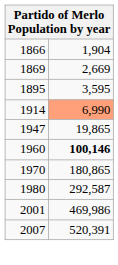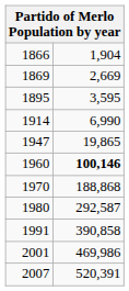 <table class="wikitable" style="float:right; margin-left:3px; text-size:80%; text-align:right">
 <tr>
 <th align=center colspan=2>Partido of Merlo <br>Population by year</th>
 </tr>
 <tr>
 <td>1866</td>
 <td>1,904</td>
 </tr>
 <tr>
 <td>1869</td>
 <td>2,669</td>
 </tr>
 <tr>
 <td>1895</td>
 <td>3,595</td>
 </tr>
 <tr>
 <td>1914</td>
-<td style="background: lightsalmon;">6,990</td>
+<td>6,990</td>
 </tr>
 <tr>
 <td>1947</td>
 <td>19,865</td>
 </tr>
 <tr>
 <td>1960</td>
 <td><strong>100,146</strong></td>
 </tr>
 <tr>
 <td>1970</td>
-<td>180,865</td>
+<td>188,868</td>
 </tr>
 <tr>
 <td>1980</td>
 <td>292,587</td>
+</tr>
+<tr>
+<td>1991</td>
+<td>390,858</td>
 </tr>
 <tr>
 <td>2001</td>
 <td>469,986</td>
 </tr>
 <tr>
 <td>2007</td>
 <td>520,391</td>
 </tr>
 </table>
